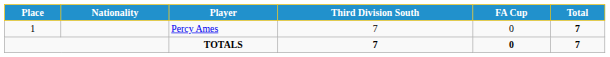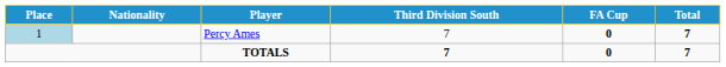 <table class="wikitable" style="text-align:center; font-size:90%; width:100%;">
 <tr>
 <th style="background:#2191CC; color:white; border:1px solid #F7C408; text-align:center;">Place</th>
 <th style="background:#2191CC; color:white; border:1px solid #F7C408; text-align:center;">Nationality</th>
 <th style="background:#2191CC; color:white; border:1px solid #F7C408; text-align:center;">Player</th>
 <th style="background:#2191CC; color:white; border:1px solid #F7C408; text-align:center;">Third Division South</th>
 <th style="background:#2191CC; color:white; border:1px solid #F7C408; text-align:center;">FA Cup</th>
 <th style="background:#2191CC; color:white; border:1px solid #F7C408; text-align:center;">Total</th>
 </tr>
 <tr>
-<td>1</td>
+<td style="background: lightblue;">1</td>
 <td></td>
 <td align="left"><a href='#'>Percy Ames</a></td>
 <td>7</td>
-<td>0</td>
+<td><strong>0</strong></td>
 <td><strong>7</strong></td>
 </tr>
 <tr>
 <td colspan="2"></td>
 <td><strong>TOTALS</strong></td>
 <td><strong>7</strong></td>
 <td><strong>0</strong></td>
 <td><strong>7</strong></td>
 </tr>
 </table>
